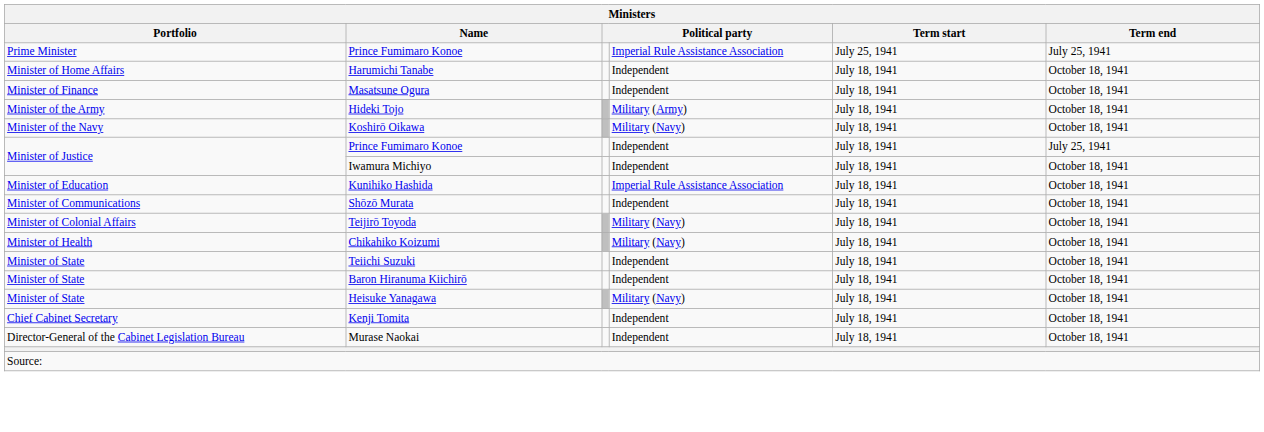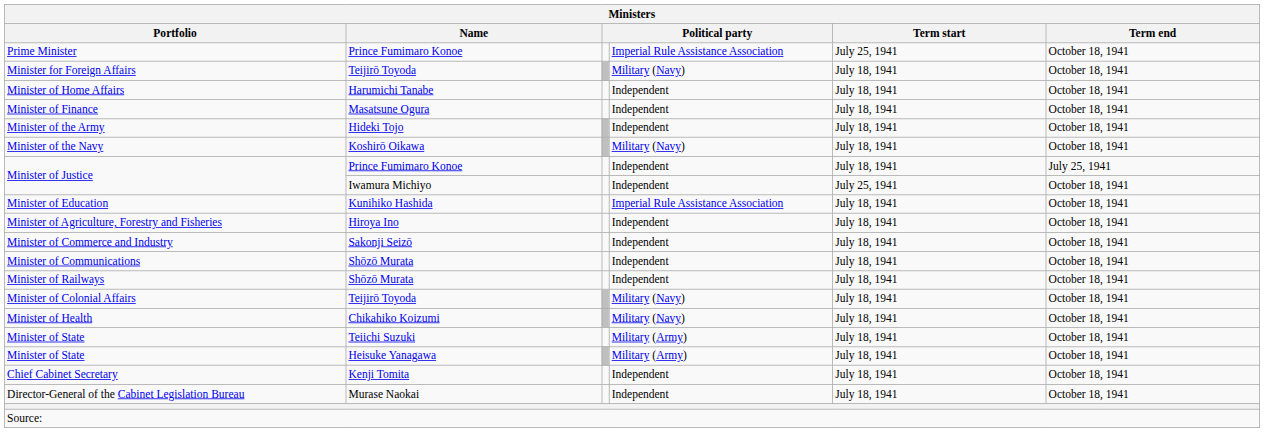 <table class="wikitable unsortable" style="font-size: 90%;">
 <tr>
 <th colspan="6">Ministers</th>
 </tr>
 <tr>
 <th scope="col" width="20%">Portfolio</th>
 <th scope="col" width="15%">Name</th>
 <th colspan="2" scope="col" width="13.5%">Political party</th>
 <th scope="col" width="12.5%">Term start</th>
 <th scope="col" width="12.5%">Term end</th>
 </tr>
 <tr>
 <td style="text-align: left;"><a href='#'>Prime Minister</a></td>
 <td><a href='#'>Prince Fumimaro Konoe</a></td>
 <td style="color:inherit;background:"></td>
 <td><a href='#'>Imperial Rule Assistance Association</a></td>
 <td>July 25, 1941</td>
-<td>July 25, 1941</td>
+<td>October 18, 1941</td>
+</tr>
+<tr>
+<td><a href='#'>Minister for Foreign Affairs</a></td>
+<td><a href='#'>Teijirō Toyoda</a></td>
+<td style="color:inherit;background:#bfbfbf"></td>
+<td><a href='#'>Military</a> (<a href='#'>Navy</a>)</td>
+<td>July 18, 1941</td>
+<td>October 18, 1941</td>
 </tr>
 <tr>
 <td><a href='#'>Minister of Home Affairs</a></td>
 <td><a href='#'>Harumichi Tanabe</a></td>
 <td style="color:inherit;background:"></td>
 <td>Independent</td>
 <td>July 18, 1941</td>
 <td>October 18, 1941</td>
 </tr>
 <tr>
 <td><a href='#'>Minister of Finance</a></td>
 <td><a href='#'>Masatsune Ogura</a></td>
 <td style="color:inherit;background:"></td>
 <td>Independent</td>
 <td>July 18, 1941</td>
 <td>October 18, 1941</td>
 </tr>
 <tr>
 <td><a href='#'>Minister of the Army</a></td>
 <td><a href='#'>Hideki Tojo</a></td>
 <td style="color:inherit;background:#bfbfbf"></td>
-<td><a href='#'>Military</a> (<a href='#'>Army</a>)</td>
+<td>Independent</td>
 <td>July 18, 1941</td>
 <td>October 18, 1941</td>
 </tr>
 <tr>
 <td><a href='#'>Minister of the Navy</a></td>
 <td><a href='#'>Koshirō Oikawa</a></td>
 <td style="color:inherit;background:#bfbfbf"></td>
 <td><a href='#'>Military</a> (<a href='#'>Navy</a>)</td>
 <td>July 18, 1941</td>
 <td>October 18, 1941</td>
 </tr>
 <tr>
 <td rowspan="2"><a href='#'>Minister of Justice</a></td>
 <td><a href='#'>Prince Fumimaro Konoe</a></td>
 <td style="color:inherit;background:"></td>
 <td>Independent</td>
 <td>July 18, 1941</td>
 <td>July 25, 1941</td>
 </tr>
 <tr>
 <td>Iwamura Michiyo</td>
 <td style="color:inherit;background:"></td>
 <td>Independent</td>
-<td>July 18, 1941</td>
+<td>July 25, 1941</td>
 <td>October 18, 1941</td>
 </tr>
 <tr>
 <td><a href='#'>Minister of Education</a></td>
 <td><a href='#'>Kunihiko Hashida</a></td>
 <td style="color:inherit;background:"></td>
 <td><a href='#'>Imperial Rule Assistance Association</a></td>
 <td>July 18, 1941</td>
 <td>October 18, 1941</td>
 </tr>
 <tr>
+<td><a href='#'>Minister of Agriculture, Forestry and Fisheries</a></td>
+<td><a href='#'>Hiroya Ino</a></td>
+<td style="color:inherit;background:"></td>
+<td>Independent</td>
+<td>July 18, 1941</td>
+<td>October 18, 1941</td>
+</tr>
+<tr>
+<td><a href='#'>Minister of Commerce and Industry</a></td>
+<td><a href='#'>Sakonji Seizō</a></td>
+<td style="color:inherit;background:"></td>
+<td>Independent</td>
+<td>July 18, 1941</td>
+<td>October 18, 1941</td>
+</tr>
+<tr>
 <td><a href='#'>Minister of Communications</a></td>
+<td><a href='#'>Shōzō Murata</a></td>
+<td style="color:inherit;background:"></td>
+<td>Independent</td>
+<td>July 18, 1941</td>
+<td>October 18, 1941</td>
+</tr>
+<tr>
+<td><a href='#'>Minister of Railways</a></td>
 <td><a href='#'>Shōzō Murata</a></td>
 <td style="color:inherit;background:"></td>
 <td>Independent</td>
 <td>July 18, 1941</td>
 <td>October 18, 1941</td>
 </tr>
 <tr>
 <td><a href='#'>Minister of Colonial Affairs</a></td>
 <td><a href='#'>Teijirō Toyoda</a></td>
 <td style="color:inherit;background:#bfbfbf"></td>
 <td><a href='#'>Military</a> (<a href='#'>Navy</a>)</td>
 <td>July 18, 1941</td>
 <td>October 18, 1941</td>
 </tr>
 <tr>
 <td><a href='#'>Minister of Health</a></td>
 <td><a href='#'>Chikahiko Koizumi</a></td>
 <td style="color:inherit;background:#bfbfbf"></td>
 <td><a href='#'>Military</a> (<a href='#'>Navy</a>)</td>
 <td>July 18, 1941</td>
 <td>October 18, 1941</td>
 </tr>
 <tr>
 <td><a href='#'>Minister of State</a></td>
 <td><a href='#'>Teiichi Suzuki</a></td>
 <td style="color:inherit;background:"></td>
-<td>Independent</td>
-<td>July 18, 1941</td>
-<td>October 18, 1941</td>
-</tr>
-<tr>
-<td><a href='#'>Minister of State</a></td>
-<td><a href='#'>Baron Hiranuma Kiichirō</a></td>
-<td style="color:inherit;background:"></td>
-<td>Independent</td>
+<td><a href='#'>Military</a> (<a href='#'>Army</a>)</td>
 <td>July 18, 1941</td>
 <td>October 18, 1941</td>
 </tr>
 <tr>
 <td><a href='#'>Minister of State</a></td>
 <td><a href='#'>Heisuke Yanagawa</a></td>
 <td style="color:inherit;background:#bfbfbf"></td>
-<td><a href='#'>Military</a> (<a href='#'>Navy</a>)</td>
+<td><a href='#'>Military</a> (<a href='#'>Army</a>)</td>
 <td>July 18, 1941</td>
 <td>October 18, 1941</td>
 </tr>
 <tr>
 <td><a href='#'>Chief Cabinet Secretary</a></td>
 <td><a href='#'>Kenji Tomita</a></td>
 <td style="color:inherit;background:"></td>
 <td>Independent</td>
 <td>July 18, 1941</td>
 <td>October 18, 1941</td>
 </tr>
 <tr>
 <td>Director-General of the <a href='#'>Cabinet Legislation Bureau</a></td>
 <td>Murase Naokai</td>
 <td style="color:inherit;background:"></td>
 <td>Independent</td>
 <td>July 18, 1941</td>
 <td>October 18, 1941</td>
 </tr>
 <tr>
 <th colspan="6"></th>
 </tr>
 <tr>
 <td colspan="6">Source:</td>
 </tr>
 </table>
